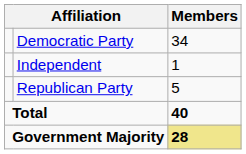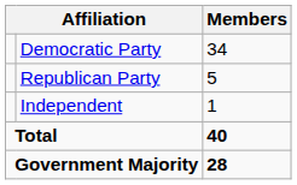 <table class="wikitable">
 <tr>
 <th colspan="2">Affiliation</th>
 <th>Members</th>
 </tr>
 <tr>
 <td style="background-color:"></td>
 <td><a href='#'>Democratic Party</a></td>
 <td>34</td>
 </tr>
 <tr>
 <td style="background-color:"></td>
-<td><a href='#'>Independent</a></td>
-<td>1</td>
+<td><a href='#'>Republican Party</a></td>
+<td>5</td>
 </tr>
 <tr>
 <td style="background-color:"></td>
-<td><a href='#'>Republican Party</a></td>
-<td>5</td>
+<td><a href='#'>Independent</a></td>
+<td>1</td>
 </tr>
 <tr>
 <td colspan=2> <strong>Total</strong></td>
 <td><strong>40</strong></td>
 </tr>
 <tr>
 <td colspan=2> <strong>Government Majority</strong></td>
-<td style="background: khaki;"><strong>28</strong></td>
+<td><strong>28</strong></td>
 </tr>
 </table>
